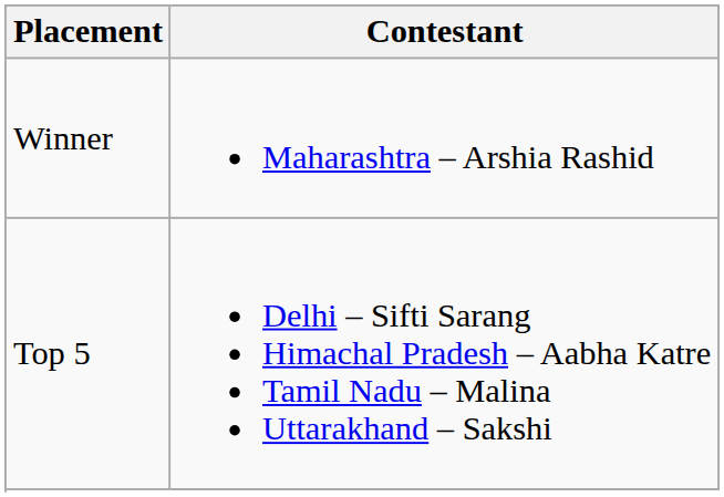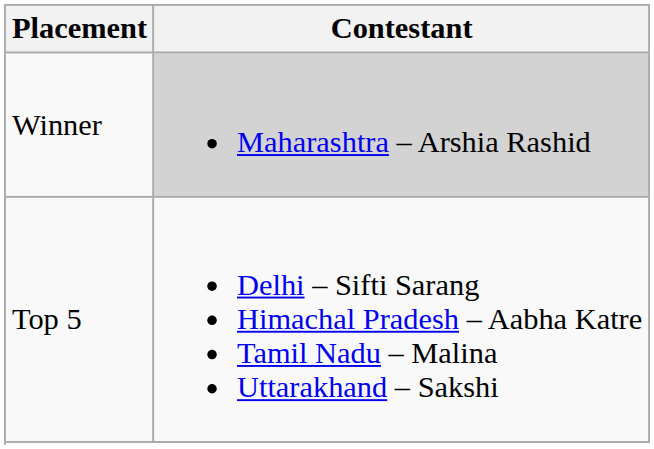 <table class="wikitable">
 <tr>
 <th>Placement</th>
 <th>Contestant</th>
 </tr>
 <tr>
 <td>Winner</td>
-<td><br><ul><li><a href='#'>Maharashtra</a> – Arshia Rashid</li></ul></td>
+<td style="background: lightgrey;"><br><ul><li><a href='#'>Maharashtra</a> – Arshia Rashid</li></ul></td>
 </tr>
 <tr>
 <td rowspan=5>Top 5</td>
 <td><br><ul><li><a href='#'>Delhi</a> – Sifti Sarang</li><li><a href='#'>Himachal Pradesh</a> – Aabha Katre</li><li><a href='#'>Tamil Nadu</a> – Malina</li><li><a href='#'>Uttarakhand</a> – Sakshi</li></ul></td>
 </tr>
 <tr>
 </tr>
 </table>
